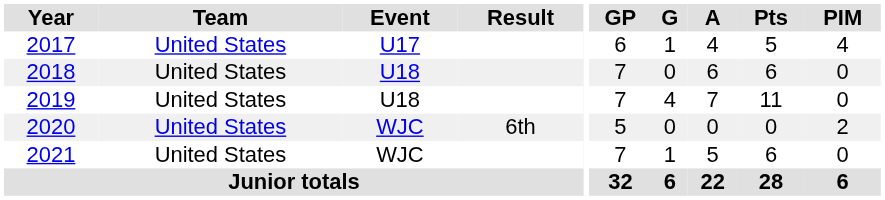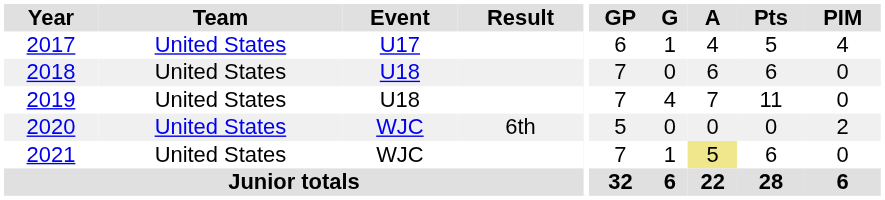 <table border="0" cellpadding="1" cellspacing="0" ID="Table3" style="text-align:center; width:40em;">
 <tr bgcolor="#e0e0e0">
 <th>Year</th>
 <th>Team</th>
 <th>Event</th>
 <th>Result</th>
 <th rowspan="99" bgcolor="#ffffff"></th>
 <th>GP</th>
 <th>G</th>
 <th>A</th>
 <th>Pts</th>
 <th>PIM</th>
 </tr>
 <tr>
 <td><a href='#'>2017</a></td>
 <td><a href='#'>United States</a></td>
 <td><a href='#'>U17</a></td>
 <td></td>
 <td>6</td>
 <td>1</td>
 <td>4</td>
 <td>5</td>
 <td>4</td>
 </tr>
 <tr bgcolor="#f0f0f0">
 <td><a href='#'>2018</a></td>
 <td>United States</td>
 <td><a href='#'>U18</a></td>
 <td></td>
 <td>7</td>
 <td>0</td>
 <td>6</td>
 <td>6</td>
 <td>0</td>
 </tr>
 <tr>
 <td><a href='#'>2019</a></td>
 <td>United States</td>
 <td>U18</td>
 <td></td>
 <td>7</td>
 <td>4</td>
 <td>7</td>
 <td>11</td>
 <td>0</td>
 </tr>
 <tr bgcolor="#f0f0f0">
 <td><a href='#'>2020</a></td>
 <td><a href='#'>United States</a></td>
 <td><a href='#'>WJC</a></td>
 <td>6th</td>
 <td>5</td>
 <td>0</td>
 <td>0</td>
 <td>0</td>
 <td>2</td>
 </tr>
 <tr>
 <td><a href='#'>2021</a></td>
 <td>United States</td>
 <td>WJC</td>
 <td></td>
 <td>7</td>
 <td>1</td>
-<td>5</td>
+<td style="background: khaki;">5</td>
 <td>6</td>
 <td>0</td>
 </tr>
 <tr bgcolor="#e0e0e0">
 <th colspan="4">Junior totals</th>
 <th>32</th>
 <th>6</th>
 <th>22</th>
 <th>28</th>
 <th>6</th>
 </tr>
 </table>
